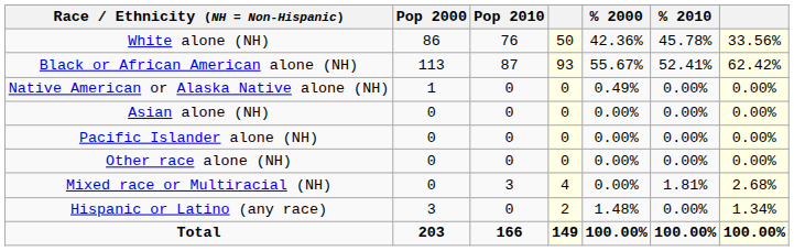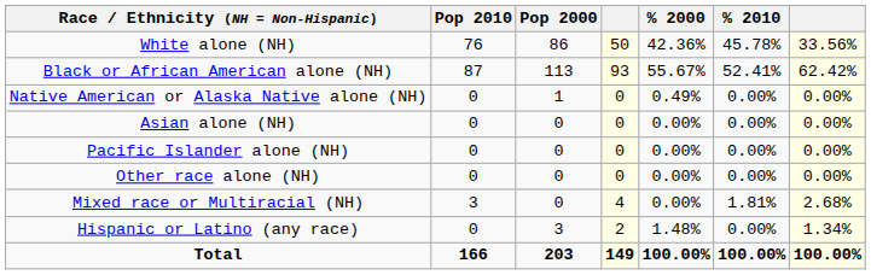 <table class="wikitable" style="text-align:center;">
 <tr>
 <th>Race / Ethnicity <small>(<em>NH = Non-Hispanic</em>)</small></th>
+<th>Pop 2010</th>
 <th>Pop 2000</th>
-<th>Pop 2010</th>
 <th></th>
 <th>% 2000</th>
 <th>% 2010</th>
 <th></th>
 </tr>
 <tr>
 <td><a href='#'>White</a> alone (NH)</td>
+<td>76</td>
 <td>86</td>
-<td>76</td>
 <td style='background: #ffffe6;'>50</td>
 <td>42.36%</td>
 <td>45.78%</td>
 <td style='background: #ffffe6;'>33.56%</td>
 </tr>
 <tr>
 <td><a href='#'>Black or African American</a> alone (NH)</td>
+<td>87</td>
 <td>113</td>
-<td>87</td>
 <td style='background: #ffffe6;'>93</td>
 <td>55.67%</td>
 <td>52.41%</td>
 <td style='background: #ffffe6;'>62.42%</td>
 </tr>
 <tr>
 <td><a href='#'>Native American</a> or <a href='#'>Alaska Native</a> alone (NH)</td>
+<td>0</td>
 <td>1</td>
-<td>0</td>
 <td style='background: #ffffe6;'>0</td>
 <td>0.49%</td>
 <td>0.00%</td>
 <td style='background: #ffffe6;'>0.00%</td>
 </tr>
 <tr>
 <td><a href='#'>Asian</a> alone (NH)</td>
 <td>0</td>
 <td>0</td>
 <td style='background: #ffffe6;'>0</td>
 <td>0.00%</td>
 <td>0.00%</td>
 <td style='background: #ffffe6;'>0.00%</td>
 </tr>
 <tr>
 <td><a href='#'>Pacific Islander</a> alone (NH)</td>
 <td>0</td>
 <td>0</td>
 <td style='background: #ffffe6;'>0</td>
 <td>0.00%</td>
 <td>0.00%</td>
 <td style='background: #ffffe6;'>0.00%</td>
 </tr>
 <tr>
 <td><a href='#'>Other race</a> alone (NH)</td>
 <td>0</td>
 <td>0</td>
 <td style='background: #ffffe6;'>0</td>
 <td>0.00%</td>
 <td>0.00%</td>
 <td style='background: #ffffe6;'>0.00%</td>
 </tr>
 <tr>
 <td><a href='#'>Mixed race or Multiracial</a> (NH)</td>
+<td>3</td>
 <td>0</td>
-<td>3</td>
 <td style='background: #ffffe6;'>4</td>
 <td>0.00%</td>
 <td>1.81%</td>
 <td style='background: #ffffe6;'>2.68%</td>
 </tr>
 <tr>
 <td><a href='#'>Hispanic or Latino</a> (any race)</td>
+<td>0</td>
 <td>3</td>
-<td>0</td>
 <td style='background: #ffffe6;'>2</td>
 <td>1.48%</td>
 <td>0.00%</td>
 <td style='background: #ffffe6;'>1.34%</td>
 </tr>
 <tr>
 <td><strong>Total</strong></td>
+<td><strong>166</strong></td>
 <td><strong>203</strong></td>
-<td><strong>166</strong></td>
 <td style='background: #ffffe6;'><strong>149</strong></td>
 <td><strong>100.00%</strong></td>
 <td><strong>100.00%</strong></td>
 <td style='background: #ffffe6;'><strong>100.00%</strong></td>
 </tr>
 </table>
